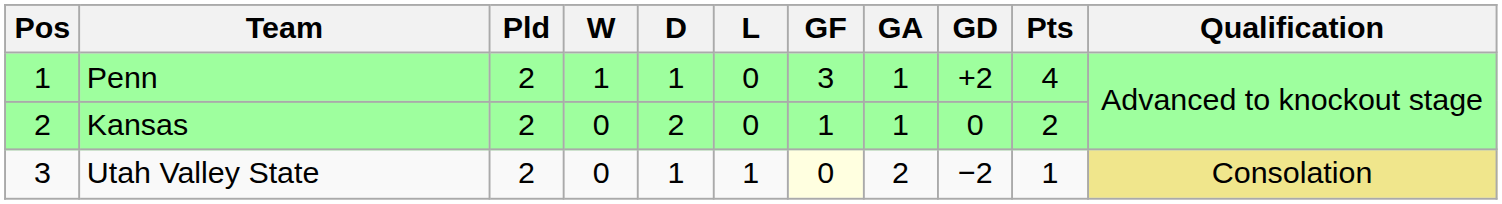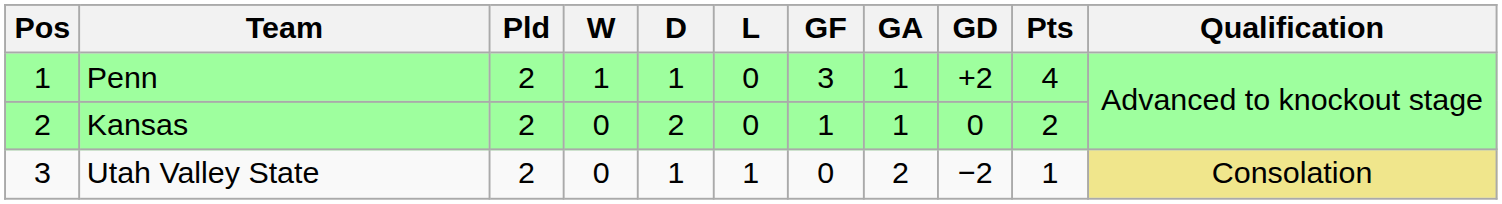 <table class="wikitable" style="text-align:center; margin: 1em auto">
 <tr>
 <th style="width:2em">Pos</th>
 <th style="width:13em">Team</th>
 <th style="width:2em">Pld</th>
 <th style="width:2em">W</th>
 <th style="width:2em">D</th>
 <th style="width:2em">L</th>
 <th style="width:2em">GF</th>
 <th style="width:2em">GA</th>
 <th style="width:2em">GD</th>
 <th style="width:2em">Pts</th>
 <th style="width:13em">Qualification</th>
 </tr>
 <tr bgcolor="#9eff9e">
 <td>1</td>
 <td style="text-align:left">Penn</td>
 <td>2</td>
 <td>1</td>
 <td>1</td>
 <td>0</td>
 <td>3</td>
 <td>1</td>
 <td>+2</td>
 <td>4</td>
 <td rowspan="2">Advanced to knockout stage</td>
 </tr>
 <tr bgcolor="#9eff9e">
 <td>2</td>
 <td style="text-align:left">Kansas</td>
 <td>2</td>
 <td>0</td>
 <td>2</td>
 <td>0</td>
 <td>1</td>
 <td>1</td>
 <td>0</td>
 <td>2</td>
 </tr>
 <tr>
 <td>3</td>
 <td style="text-align:left">Utah Valley State</td>
 <td>2</td>
 <td>0</td>
 <td>1</td>
 <td>1</td>
-<td style="background: lightyellow;">0</td>
+<td>0</td>
 <td>2</td>
 <td>−2</td>
 <td>1</td>
 <td style="background: khaki;">Consolation</td>
 </tr>
 </table>
